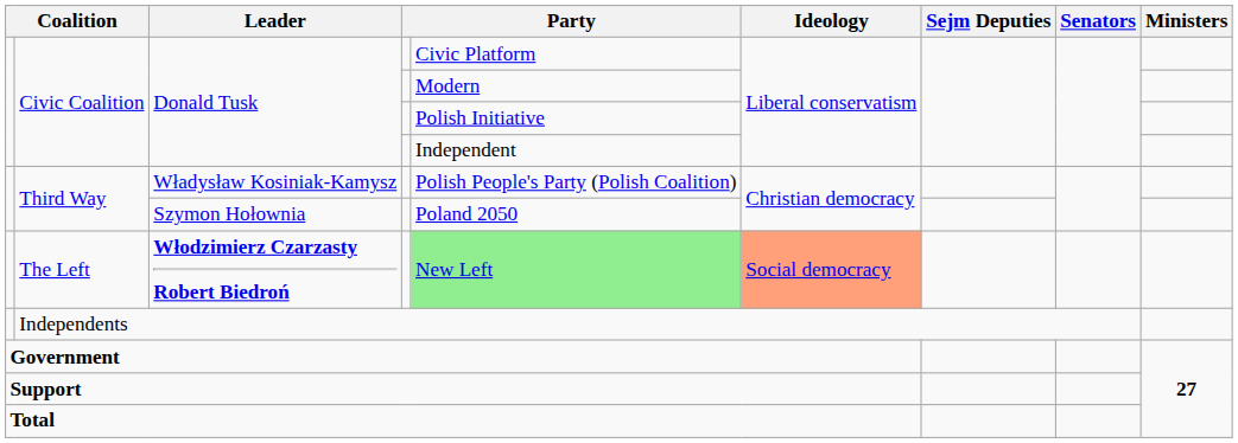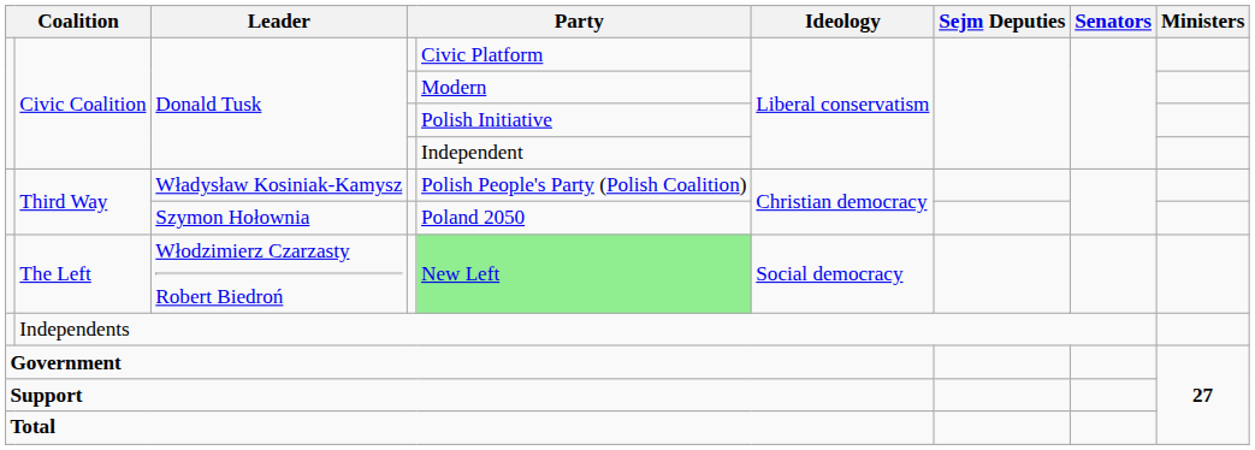 <table class="wikitable" style="text-align:left">
 <tr>
 <th colspan="4">Coalition</th>
 <th>Leader</th>
 <th colspan="2">Party</th>
 <th>Ideology</th>
 <th><a href='#'>Sejm</a> Deputies</th>
 <th><a href='#'>Senators</a></th>
 <th>Ministers</th>
 </tr>
 <tr>
 <td rowspan=4 style="background:"></td>
 <td rowspan=4 colspan="3"><a href='#'>Civic Coalition</a></td>
 <td rowspan=4><a href='#'>Donald Tusk</a></td>
 <td style="background:"></td>
 <td><a href='#'>Civic Platform</a></td>
 <td rowspan=4><a href='#'>Liberal conservatism</a></td>
 <td rowspan=4></td>
 <td rowspan=4></td>
 <td></td>
 </tr>
 <tr>
 <td></td>
 <td><a href='#'>Modern</a></td>
 <td></td>
 </tr>
 <tr>
 <td></td>
 <td><a href='#'>Polish Initiative</a></td>
 <td></td>
 </tr>
 <tr>
 <td style="background:"></td>
 <td>Independent</td>
 <td></td>
 </tr>
 <tr>
 <td rowspan=2 style="background:"></td>
 <td rowspan=2 colspan="3"><a href='#'>Third Way</a></td>
 <td><a href='#'>Władysław Kosiniak-Kamysz</a></td>
 <td style="background:"></td>
 <td><a href='#'>Polish People's Party</a> (<a href='#'>Polish Coalition</a>)</td>
 <td rowspan=2><a href='#'>Christian democracy</a></td>
 <td></td>
 <td rowspan=2></td>
 <td></td>
 </tr>
 <tr>
 <td><a href='#'>Szymon Hołownia</a></td>
 <td style="background:"></td>
 <td><a href='#'>Poland 2050</a></td>
 <td></td>
 <td></td>
 </tr>
 <tr>
 <td style="background:"></td>
 <td colspan="3"><a href='#'>The Left</a></td>
-<td><strong><a href='#'>Włodzimierz Czarzasty</a><hr><a href='#'>Robert Biedroń</a></strong></td>
+<td><a href='#'>Włodzimierz Czarzasty</a><hr><a href='#'>Robert Biedroń</a></td>
 <td style="background:"></td>
 <td style="background: lightgreen;"><a href='#'>New Left</a></td>
-<td style="background: lightsalmon;"><a href='#'>Social democracy</a></td>
+<td><a href='#'>Social democracy</a></td>
 <td></td>
 <td></td>
 <td></td>
 </tr>
 <tr>
 <td style="background:"></td>
 <td colspan="9">Independents</td>
 <td></td>
 </tr>
 <tr>
 <td colspan=8><strong>Government</strong></td>
 <td></td>
 <td></td>
 <td rowspan=3 style="text-align:center;"><strong>27</strong></td>
 </tr>
 <tr>
 <td colspan=8><strong>Support</strong></td>
 <td></td>
 <td></td>
 </tr>
 <tr>
 <td colspan=8><strong>Total</strong></td>
 <td></td>
 <td></td>
 </tr>
 </table>
